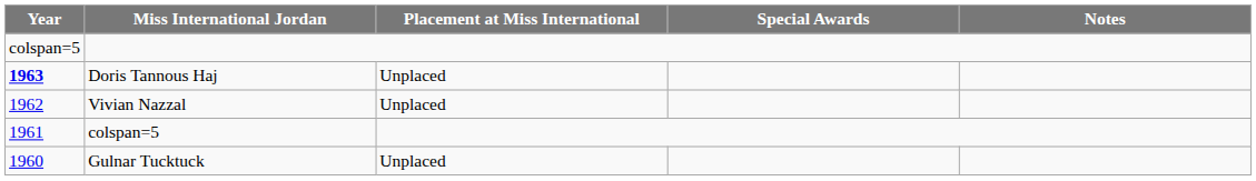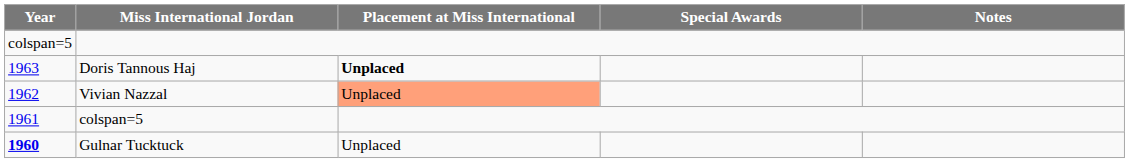 <table class="wikitable " style="font-size: 95%;">
 <tr>
 <th width="60" style="background-color:#787878;color:#FFFFFF;">Year</th>
 <th width="250" style="background-color:#787878;color:#FFFFFF;">Miss International Jordan</th>
 <th width="250" style="background-color:#787878;color:#FFFFFF;">Placement at Miss International</th>
 <th width="250" style="background-color:#787878;color:#FFFFFF;">Special Awards</th>
 <th width="250" style="background-color:#787878;color:#FFFFFF;">Notes</th>
 </tr>
 <tr>
 <td>colspan=5 </td>
 </tr>
 <tr>
-<td><strong><a href='#'>1963</a></strong></td>
+<td><a href='#'>1963</a></td>
 <td>Doris Tannous Haj</td>
-<td>Unplaced</td>
+<td><strong>Unplaced</strong></td>
 <td></td>
 <td></td>
 </tr>
 <tr>
 <td><a href='#'>1962</a></td>
 <td>Vivian Nazzal</td>
-<td>Unplaced</td>
+<td style="background: lightsalmon;">Unplaced</td>
 <td></td>
 <td></td>
 </tr>
 <tr>
 <td><a href='#'>1961</a></td>
 <td>colspan=5 </td>
 </tr>
 <tr>
-<td><a href='#'>1960</a></td>
+<td><strong><a href='#'>1960</a></strong></td>
 <td>Gulnar Tucktuck</td>
 <td>Unplaced</td>
 <td></td>
 <td></td>
 </tr>
 </table>
